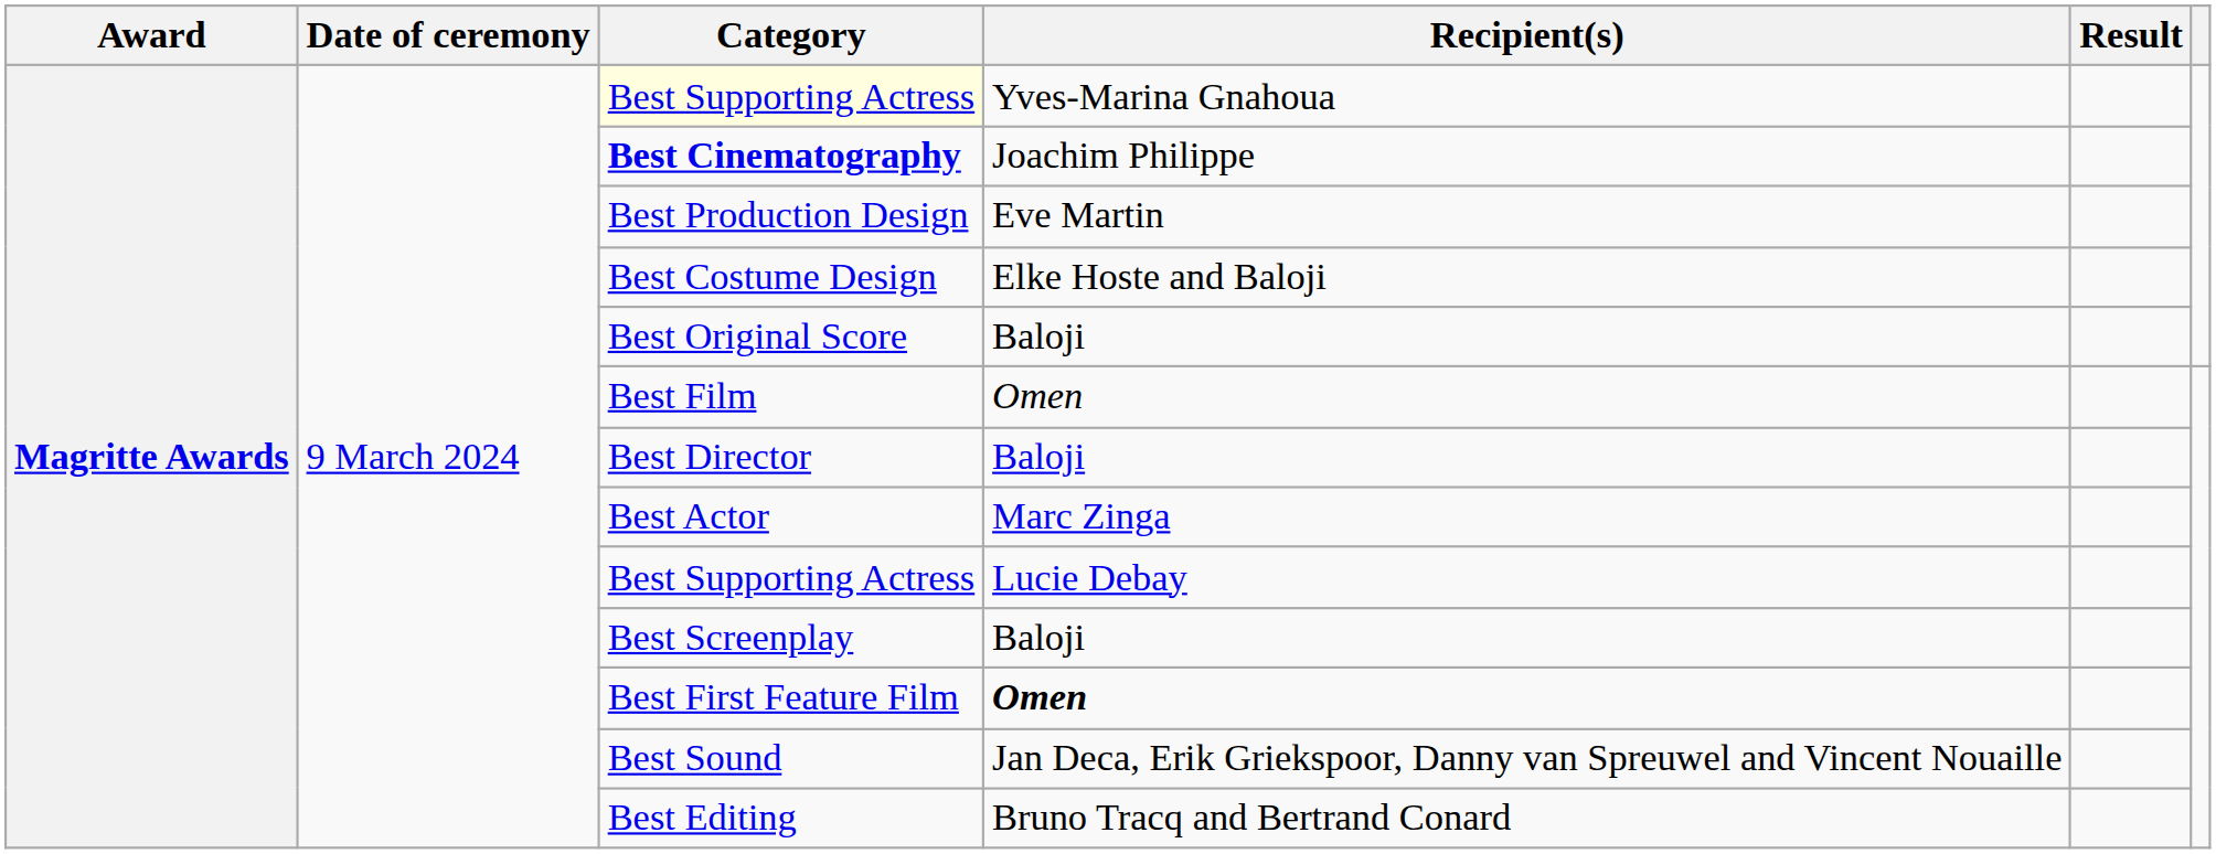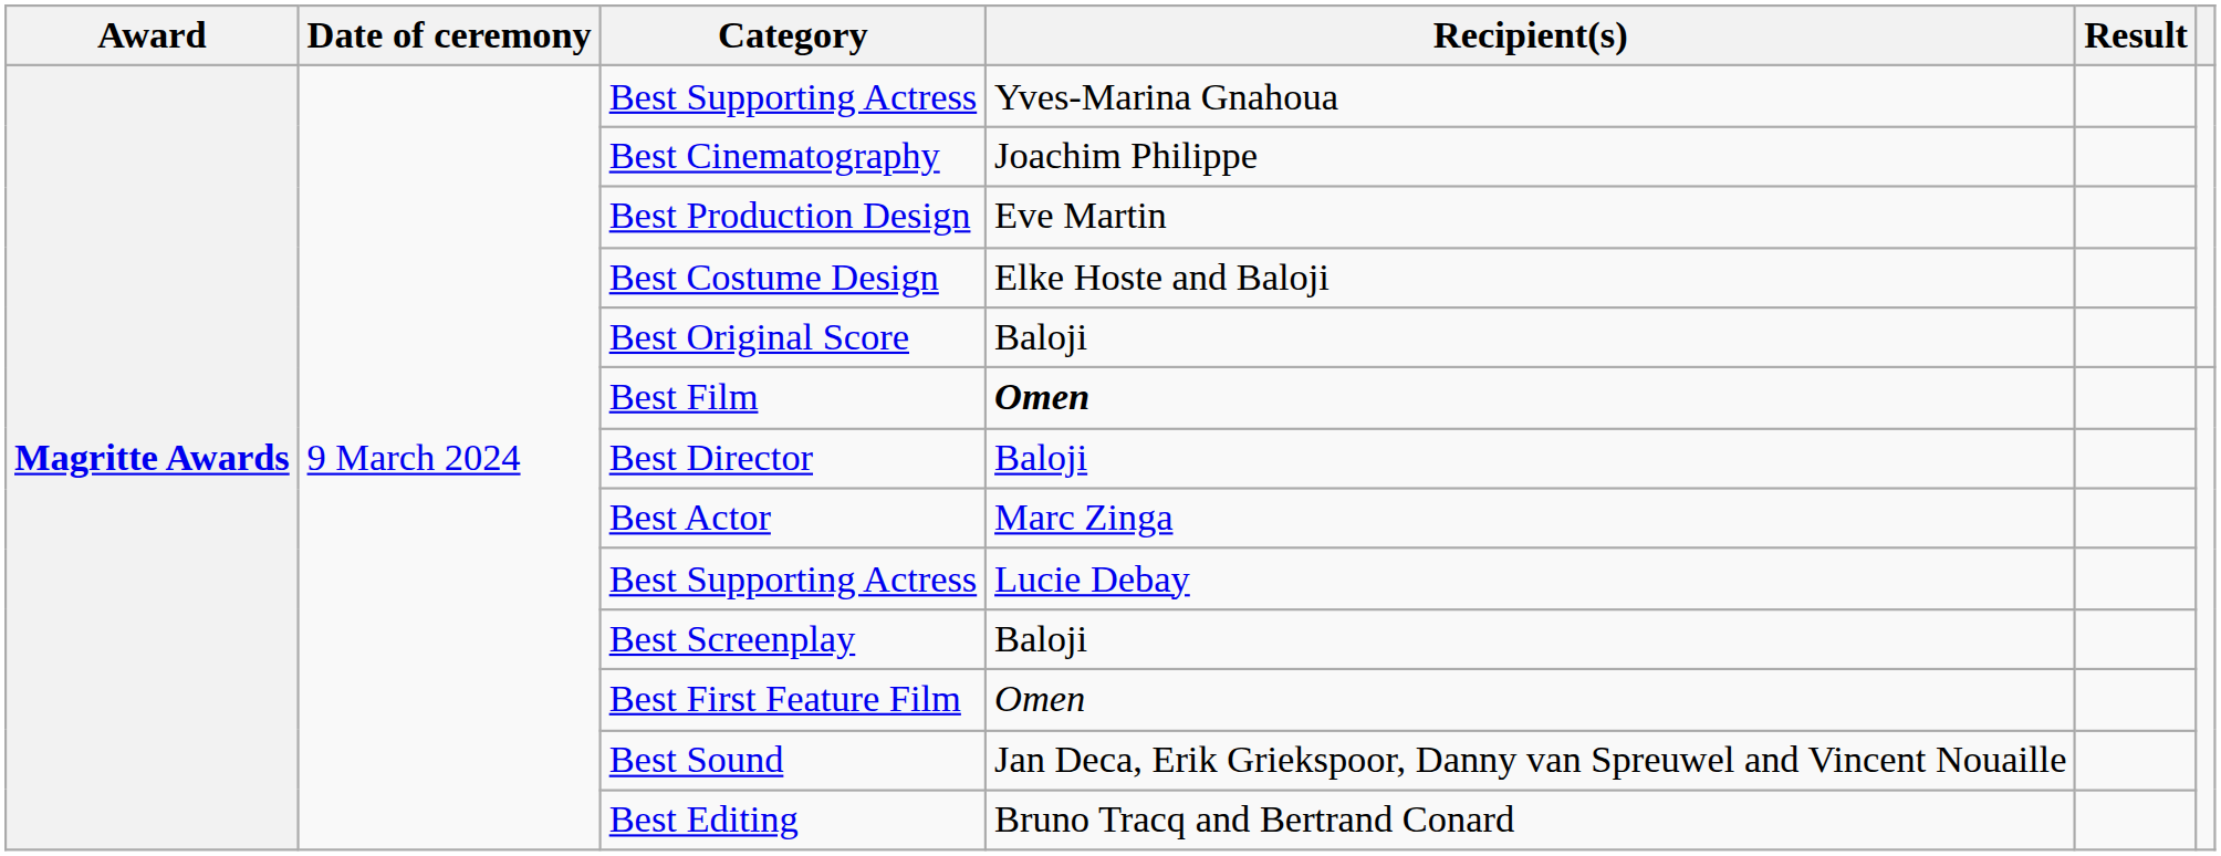 <table class="wikitable sortable plainrowheaders">
 <tr>
 <th scope="col">Award</th>
 <th scope="col">Date of ceremony</th>
 <th scope="col">Category</th>
 <th scope="col">Recipient(s)</th>
 <th scope="col">Result</th>
 <th scope="col" class="unsortable"></th>
 </tr>
 <tr>
 <th rowspan="13" scope="row"><a href='#'>Magritte Awards</a></th>
 <td rowspan="13"><a href='#'>9 March 2024</a></td>
-<td style="background: lightyellow;"><a href='#'>Best Supporting Actress</a></td>
+<td><a href='#'>Best Supporting Actress</a></td>
 <td>Yves-Marina Gnahoua</td>
 <td></td>
 <td rowspan="5" align="center"></td>
 </tr>
 <tr>
-<td><strong><a href='#'>Best Cinematography</a></strong></td>
+<td><a href='#'>Best Cinematography</a></td>
 <td>Joachim Philippe</td>
 <td></td>
 </tr>
 <tr>
 <td><a href='#'>Best Production Design</a></td>
 <td>Eve Martin</td>
 <td></td>
 </tr>
 <tr>
 <td><a href='#'>Best Costume Design</a></td>
 <td>Elke Hoste and Baloji</td>
 <td></td>
 </tr>
 <tr>
 <td><a href='#'>Best Original Score</a></td>
 <td>Baloji</td>
 <td></td>
 </tr>
 <tr>
 <td><a href='#'>Best Film</a></td>
-<td><em>Omen</em></td>
+<td><strong><em>Omen</em></strong></td>
 <td></td>
 <td rowspan="8" align="center"></td>
 </tr>
 <tr>
 <td><a href='#'>Best Director</a></td>
 <td><a href='#'>Baloji</a></td>
 <td></td>
 </tr>
 <tr>
 <td><a href='#'>Best Actor</a></td>
 <td><a href='#'>Marc Zinga</a></td>
 <td></td>
 </tr>
 <tr>
 <td><a href='#'>Best Supporting Actress</a></td>
 <td><a href='#'>Lucie Debay</a></td>
 <td></td>
 </tr>
 <tr>
 <td><a href='#'>Best Screenplay</a></td>
 <td>Baloji</td>
 <td></td>
 </tr>
 <tr>
 <td><a href='#'>Best First Feature Film</a></td>
-<td><strong><em>Omen</em></strong></td>
+<td><em>Omen</em></td>
 <td></td>
 </tr>
 <tr>
 <td><a href='#'>Best Sound</a></td>
 <td>Jan Deca, Erik Griekspoor, Danny van Spreuwel and Vincent Nouaille</td>
 <td></td>
 </tr>
 <tr>
 <td><a href='#'>Best Editing</a></td>
 <td>Bruno Tracq and Bertrand Conard</td>
 <td></td>
 </tr>
 </table>
